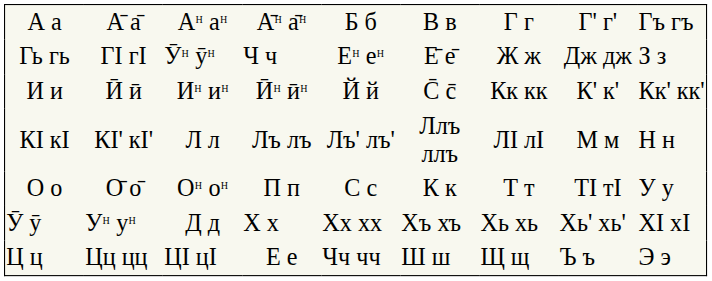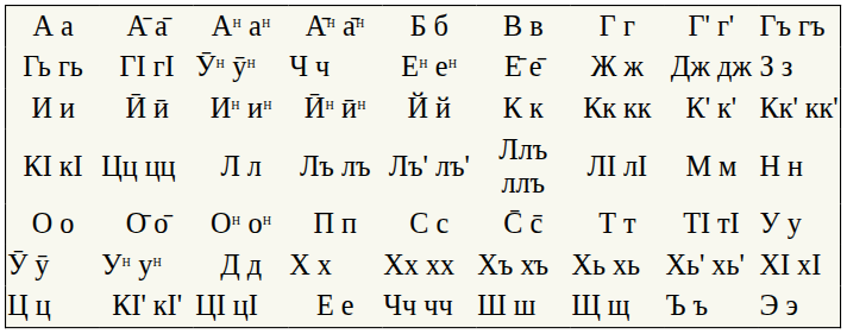 <table style="font-family:Arial Unicode MS; font-size:1.4em; border-color:#000000; border-width:1px; border-style:solid; border-collapse:collapse; background-color:#F8F8EF">
 <tr>
 <td style="width:3em; text-align:center; padding: 3px;">А а</td>
 <td style="width:3em; text-align:center; padding: 3px;">А̄ а̄</td>
 <td style="width:3em; text-align:center; padding: 3px;">Аᵸ аᵸ</td>
 <td style="width:3em; text-align:center; padding: 3px;">А̄ᵸ а̄ᵸ</td>
 <td style="width:3em; text-align:center; padding: 3px;">Б б</td>
 <td style="width:3em; text-align:center; padding: 3px;">В в</td>
 <td style="width:3em; text-align:center; padding: 3px;">Г г</td>
 <td style="width:3em; text-align:center; padding: 3px;">Г' г'</td>
 <td>Гъ гъ</td>
 </tr>
 <tr>
 <td style="width:3em; text-align:center; padding: 3px;">Гь гь</td>
 <td style="width:3em; text-align:center; padding: 3px;">ГӀ гӀ</td>
 <td>Ӯᵸ ӯᵸ</td>
 <td>Ч ч</td>
 <td style="width:3em; text-align:center; padding: 3px;">Еᵸ еᵸ</td>
 <td style="width:3em; text-align:center; padding: 3px;">Е̄ е̄</td>
 <td style="width:3em; text-align:center; padding: 3px;">Ж ж</td>
 <td style="width:3em; text-align:center; padding: 3px;">Дж дж</td>
 <td>З з</td>
 </tr>
 <tr>
 <td style="width:3em; text-align:center; padding: 3px;">И и</td>
 <td style="width:3em; text-align:center; padding: 3px;">Ӣ ӣ</td>
 <td style="width:3em; text-align:center; padding: 3px;">Иᵸ иᵸ</td>
 <td style="width:3em; text-align:center; padding: 3px;">Ӣᵸ ӣᵸ</td>
 <td style="width:3em; text-align:center; padding: 3px;">Й й</td>
-<td style="width:3em; text-align:center; padding: 3px;">C̄ c̄</td>
+<td style="width:3em; text-align:center; padding: 3px;">К к</td>
 <td style="width:3em; text-align:center; padding: 3px;">Кк кк</td>
 <td style="width:3em; text-align:center; padding: 3px;">К' к'</td>
 <td>Кк' кк'</td>
 </tr>
 <tr>
 <td style="width:3em; text-align:center; padding: 3px;">КӀ кӀ</td>
-<td style="width:3em; text-align:center; padding: 3px;">КӀ' кӀ'</td>
+<td>Цц цц</td>
 <td style="width:3em; text-align:center; padding: 3px;">Л л</td>
 <td style="width:3em; text-align:center; padding: 3px;">Лъ лъ</td>
 <td style="width:3em; text-align:center; padding: 3px;">Лъ' лъ'</td>
 <td style="width:3em; text-align:center; padding: 3px;">Ллъ ллъ</td>
 <td style="width:3em; text-align:center; padding: 3px;">ЛӀ лӀ</td>
 <td style="width:3em; text-align:center; padding: 3px;">М м</td>
 <td>Н н</td>
 </tr>
 <tr>
 <td style="width:3em; text-align:center; padding: 3px;">О о</td>
 <td style="width:3em; text-align:center; padding: 3px;">О̄ о̄</td>
 <td style="width:3em; text-align:center; padding: 3px;">Оᵸ оᵸ</td>
 <td style="width:3em; text-align:center; padding: 3px;">П п</td>
 <td style="width:3em; text-align:center; padding: 3px;">С с</td>
-<td style="width:3em; text-align:center; padding: 3px;">К к</td>
+<td style="width:3em; text-align:center; padding: 3px;">C̄ c̄</td>
 <td style="width:3em; text-align:center; padding: 3px;">Т т</td>
 <td style="width:3em; text-align:center; padding: 3px;">ТӀ тӀ</td>
 <td>У у</td>
 </tr>
 <tr>
 <td>Ӯ ӯ</td>
 <td>Уᵸ уᵸ</td>
 <td style="width:3em; text-align:center; padding: 3px;">Д д</td>
 <td>Х х</td>
 <td>Хх хх</td>
 <td>Хъ хъ</td>
 <td>Хь хь</td>
 <td>Хь' хь'</td>
 <td>ХӀ хӀ</td>
 </tr>
 <tr>
 <td>Ц ц</td>
-<td>Цц цц</td>
+<td style="width:3em; text-align:center; padding: 3px;">КӀ' кӀ'</td>
 <td>ЦӀ цӀ</td>
 <td style="width:3em; text-align:center; padding: 3px;">Е е</td>
 <td>Чч чч</td>
 <td>Ш ш</td>
 <td>Щ щ</td>
 <td>Ъ ъ</td>
 <td>Э э</td>
 </tr>
 </table>
